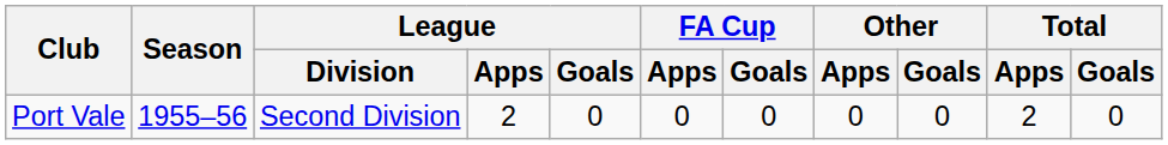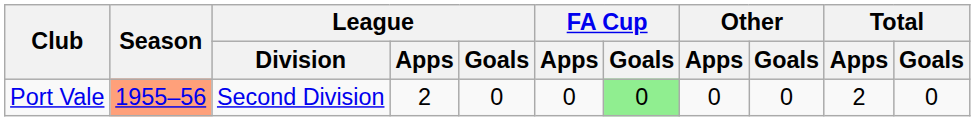 <table class="wikitable" style="text-align:center">
 <tr>
 <th rowspan="2">Club</th>
 <th rowspan="2">Season</th>
 <th colspan="3">League</th>
 <th colspan="2"><a href='#'>FA Cup</a></th>
 <th colspan="2">Other</th>
 <th colspan="2">Total</th>
 </tr>
 <tr>
 <th>Division</th>
 <th>Apps</th>
 <th>Goals</th>
 <th>Apps</th>
 <th>Goals</th>
 <th>Apps</th>
 <th>Goals</th>
 <th>Apps</th>
 <th>Goals</th>
 </tr>
 <tr>
 <td><a href='#'>Port Vale</a></td>
-<td><a href='#'>1955–56</a></td>
+<td style="background: lightsalmon;"><a href='#'>1955–56</a></td>
 <td><a href='#'>Second Division</a></td>
 <td>2</td>
 <td>0</td>
 <td>0</td>
-<td>0</td>
+<td style="background: lightgreen;">0</td>
 <td>0</td>
 <td>0</td>
 <td>2</td>
 <td>0</td>
 </tr>
 </table>
